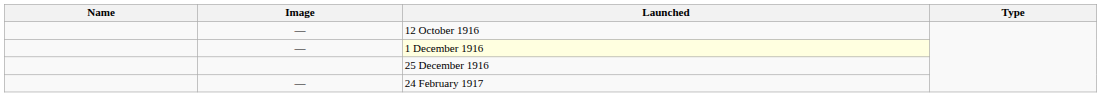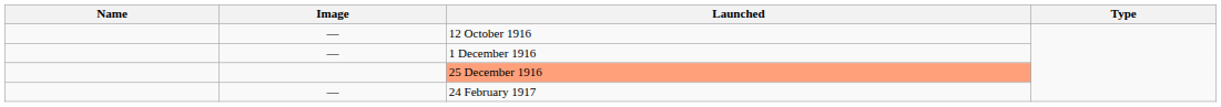 <table class="wikitable" width="100%">
 <tr>
 <th>Name</th>
 <th>Image</th>
 <th>Launched</th>
 <th>Type</th>
 </tr>
 <tr>
 <td></td>
 <td align=center>—</td>
 <td>12 October 1916</td>
 <td rowspan=4></td>
 </tr>
 <tr>
 <td></td>
 <td align=center>—</td>
-<td style="background: lightyellow;">1 December 1916</td>
+<td>1 December 1916</td>
 </tr>
 <tr>
 <td></td>
 <td align=center></td>
-<td>25 December 1916</td>
+<td style="background: lightsalmon;">25 December 1916</td>
 </tr>
 <tr>
 <td></td>
 <td align=center>—</td>
 <td>24 February 1917</td>
 </tr>
 </table>
